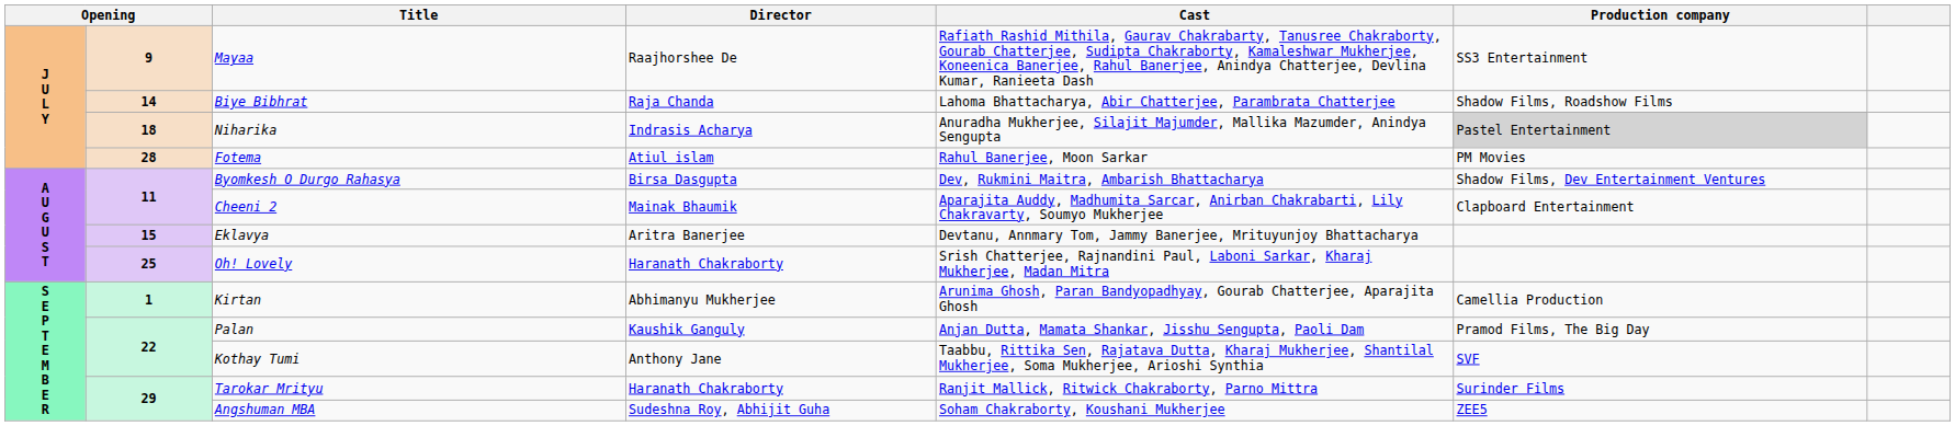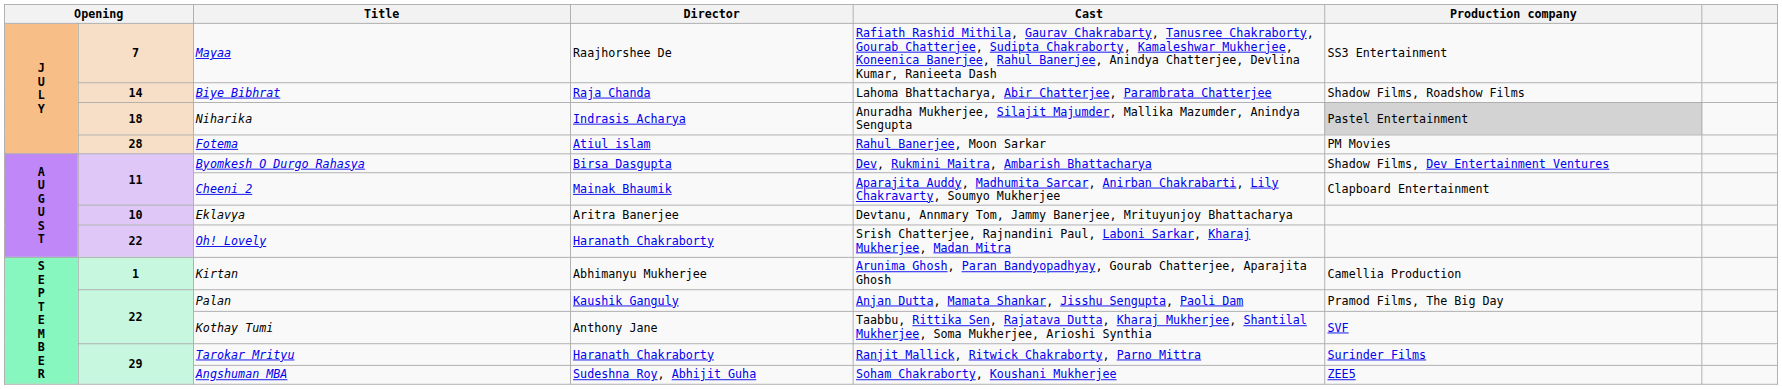 <table class="wikitable sortable">
 <tr>
 <th colspan="2" style="width:10%;">Opening</th>
 <th style="width:20%;">Title</th>
 <th style="width:15%;">Director</th>
 <th style="width:25%;">Cast</th>
 <th style="width:20%;">Production company</th>
 <th style="width:4%;"></th>
 </tr>
 <tr>
 <th rowspan="4" style="text-align:center; background:#f7bf87; text color:#000;">J<br>U<br>L<br> Y</th>
-<td style="text-align:center; background:#f7dfc7"><strong>9</strong></td>
+<td style="text-align:center; background:#f7dfc7"><strong>7</strong></td>
 <td><em><a href='#'>Mayaa</a></em></td>
 <td>Raajhorshee De</td>
 <td><a href='#'>Rafiath Rashid Mithila</a>, <a href='#'>Gaurav Chakrabarty</a>, <a href='#'>Tanusree Chakraborty</a>, <a href='#'>Gourab Chatterjee</a>, <a href='#'>Sudipta Chakraborty</a>, <a href='#'>Kamaleshwar Mukherjee</a>, <a href='#'>Koneenica Banerjee</a>, <a href='#'>Rahul Banerjee</a>, Anindya Chatterjee, Devlina Kumar, Ranieeta Dash</td>
 <td>SS3 Entertainment</td>
 <td></td>
 </tr>
 <tr>
 <td style="text-align:center; background:#f7dfc7"><strong>14</strong></td>
 <td><em><a href='#'>Biye Bibhrat</a></em></td>
 <td><a href='#'>Raja Chanda</a></td>
 <td>Lahoma Bhattacharya, <a href='#'>Abir Chatterjee</a>, <a href='#'>Parambrata Chatterjee</a></td>
 <td>Shadow Films, Roadshow Films</td>
 <td></td>
 </tr>
 <tr>
 <td rowspan="1" style="text-align:center; background:#f7dfc7"><strong>18</strong></td>
 <td><em>Niharika</em></td>
 <td><a href='#'>Indrasis Acharya</a></td>
 <td>Anuradha Mukherjee, <a href='#'>Silajit Majumder</a>, Mallika Mazumder, Anindya Sengupta</td>
 <td style="background: lightgrey;">Pastel Entertainment</td>
 <td></td>
 </tr>
 <tr>
 <td rowspan="1" style="text-align:center; background:#f7dfc7"><strong>28</strong></td>
 <td><em><a href='#'>Fotema</a></em></td>
 <td><a href='#'>Atiul islam</a></td>
 <td><a href='#'>Rahul Banerjee</a>, Moon Sarkar</td>
 <td>PM Movies</td>
 <td></td>
 </tr>
 <tr>
 <th rowspan="4" style="text-align:center; background:#bf87f7">A<br>U<br>G<br>U<br>S<br>T</th>
 <td rowspan="2" style="text-align:center; background:#dfc7f7"><strong>11</strong></td>
 <td><em><a href='#'>Byomkesh O Durgo Rahasya</a></em></td>
 <td><a href='#'>Birsa Dasgupta</a></td>
 <td><a href='#'>Dev</a>, <a href='#'>Rukmini Maitra</a>, <a href='#'>Ambarish Bhattacharya</a></td>
 <td>Shadow Films, <a href='#'>Dev Entertainment Ventures</a></td>
 <td></td>
 </tr>
 <tr>
 <td><em><a href='#'>Cheeni 2</a></em></td>
 <td><a href='#'>Mainak Bhaumik</a></td>
 <td><a href='#'>Aparajita Auddy</a>, <a href='#'>Madhumita Sarcar</a>, <a href='#'>Anirban Chakrabarti</a>, <a href='#'>Lily Chakravarty</a>, Soumyo Mukherjee</td>
 <td>Clapboard Entertainment</td>
 <td></td>
 </tr>
 <tr>
-<td style="text-align:center; background:#dfc7f7"><strong>15</strong></td>
+<td style="text-align:center; background:#dfc7f7"><strong>10</strong></td>
 <td><em>Eklavya</em></td>
 <td>Aritra Banerjee</td>
 <td>Devtanu, Annmary Tom, Jammy Banerjee, Mrituyunjoy Bhattacharya</td>
 <td></td>
 <td></td>
 </tr>
 <tr>
-<td style="text-align:center; background:#dfc7f7"><strong>25</strong></td>
+<td style="text-align:center; background:#dfc7f7"><strong>22</strong></td>
 <td><em><a href='#'>Oh! Lovely</a></em></td>
 <td><a href='#'>Haranath Chakraborty</a></td>
 <td>Srish Chatterjee, Rajnandini Paul, <a href='#'>Laboni Sarkar</a>, <a href='#'>Kharaj Mukherjee</a>, <a href='#'>Madan Mitra</a></td>
 <td></td>
 <td></td>
 </tr>
 <tr>
 <th rowspan="5" style="text-align:center; background:#87f7bf">S<br>E<br>P<br>T<br>E<br>M<br>B<br>E<br>R</th>
 <td style="text-align:center; background:#c7f7df"><strong>1</strong></td>
 <td><em>Kirtan</em></td>
 <td>Abhimanyu Mukherjee</td>
 <td><a href='#'>Arunima Ghosh</a>, <a href='#'>Paran Bandyopadhyay</a>, Gourab Chatterjee, Aparajita Ghosh</td>
 <td>Camellia Production</td>
 <td></td>
 </tr>
 <tr>
 <td rowspan="2" style="text-align:center; background:#c7f7df"><strong>22</strong></td>
 <td><em>Palan</em></td>
 <td><a href='#'>Kaushik Ganguly</a></td>
 <td><a href='#'>Anjan Dutta</a>, <a href='#'>Mamata Shankar</a>, <a href='#'>Jisshu Sengupta</a>, <a href='#'>Paoli Dam</a></td>
 <td>Pramod Films, The Big Day</td>
 <td></td>
 </tr>
 <tr>
 <td><em>Kothay Tumi</em></td>
 <td>Anthony Jane</td>
 <td>Taabbu, <a href='#'>Rittika Sen</a>, <a href='#'>Rajatava Dutta</a>, <a href='#'>Kharaj Mukherjee</a>, <a href='#'>Shantilal Mukherjee</a>, Soma Mukherjee, Arioshi Synthia</td>
 <td><a href='#'>SVF</a></td>
 <td></td>
 </tr>
 <tr>
 <td rowspan="2" style="text-align:center; background:#c7f7df"><strong>29</strong></td>
 <td><em><a href='#'>Tarokar Mrityu</a></em></td>
 <td><a href='#'>Haranath Chakraborty</a></td>
 <td><a href='#'>Ranjit Mallick</a>, <a href='#'>Ritwick Chakraborty</a>, <a href='#'>Parno Mittra</a></td>
 <td><a href='#'>Surinder Films</a></td>
 <td></td>
 </tr>
 <tr>
 <td><em><a href='#'>Angshuman MBA</a></em></td>
 <td><a href='#'>Sudeshna Roy</a>, <a href='#'>Abhijit Guha</a></td>
 <td><a href='#'>Soham Chakraborty</a>, <a href='#'>Koushani Mukherjee</a></td>
 <td><a href='#'>ZEE5</a></td>
 <td></td>
 </tr>
 </table>
